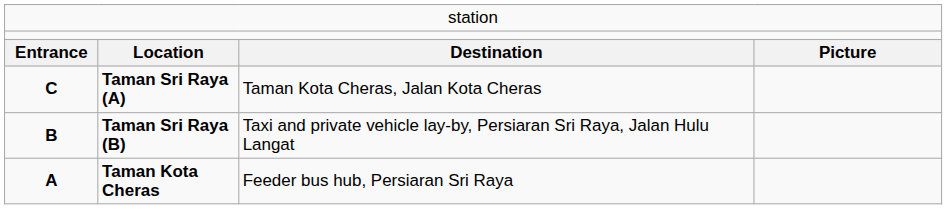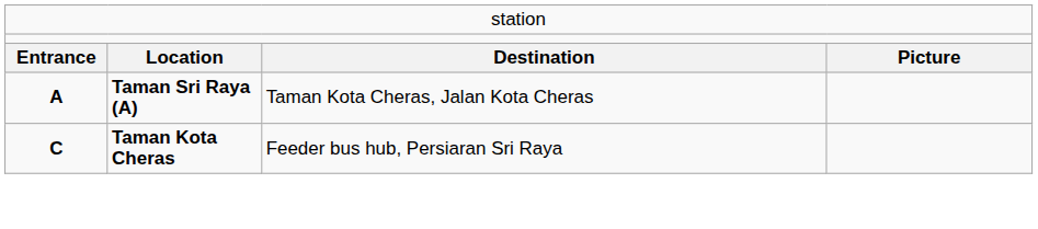 <table class="wikitable" style="width:70%">
 <tr>
 <td colspan="4" align="center"> station</td>
 </tr>
 <tr>
 <td colspan="4" align="center"></td>
 </tr>
 <tr>
 <th style="width:10%">Entrance</th>
 <th style="width:15%">Location</th>
 <th style="width:55%">Destination</th>
 <th style="width:20%">Picture</th>
 </tr>
 <tr>
-<td align="center"><strong><span>C</span></strong></td>
+<td align="center"><strong><span>A</span></strong></td>
 <td><strong>Taman Sri Raya (A)</strong></td>
 <td>Taman Kota Cheras, Jalan Kota Cheras</td>
 <td></td>
 </tr>
 <tr>
-<td align="center"><strong><span>B</span></strong></td>
-<td><strong>Taman Sri Raya (B)</strong></td>
-<td>Taxi and private vehicle lay-by, Persiaran Sri Raya, Jalan Hulu Langat</td>
-<td></td>
-</tr>
-<tr>
-<td align="center"><strong><span>A</span></strong></td>
+<td align="center"><strong><span>C</span></strong></td>
 <td><strong>Taman Kota Cheras</strong></td>
 <td>Feeder bus hub, Persiaran Sri Raya</td>
 <td></td>
 </tr>
 </table>
